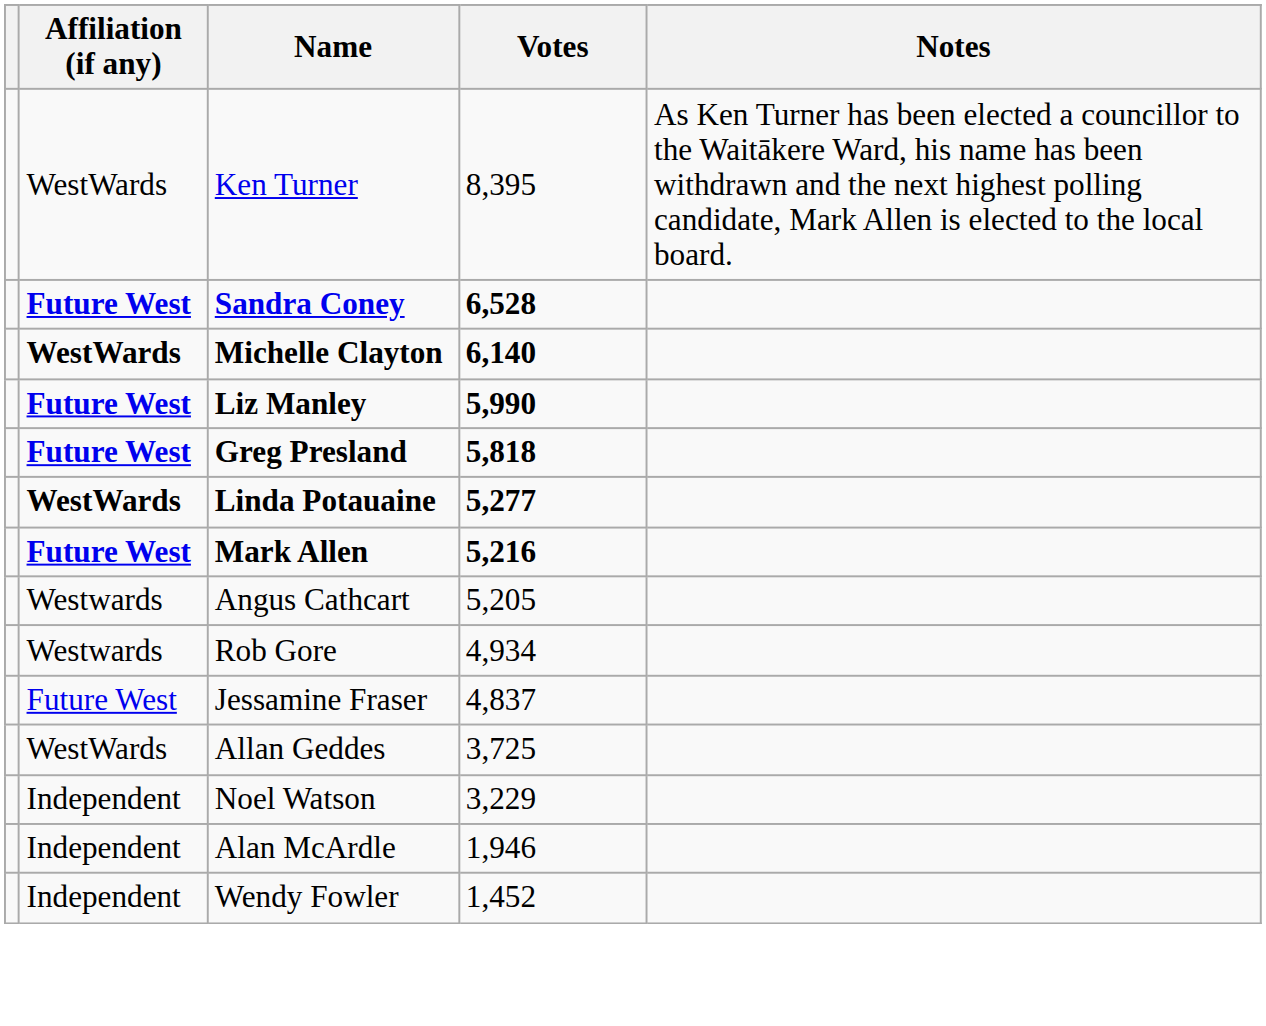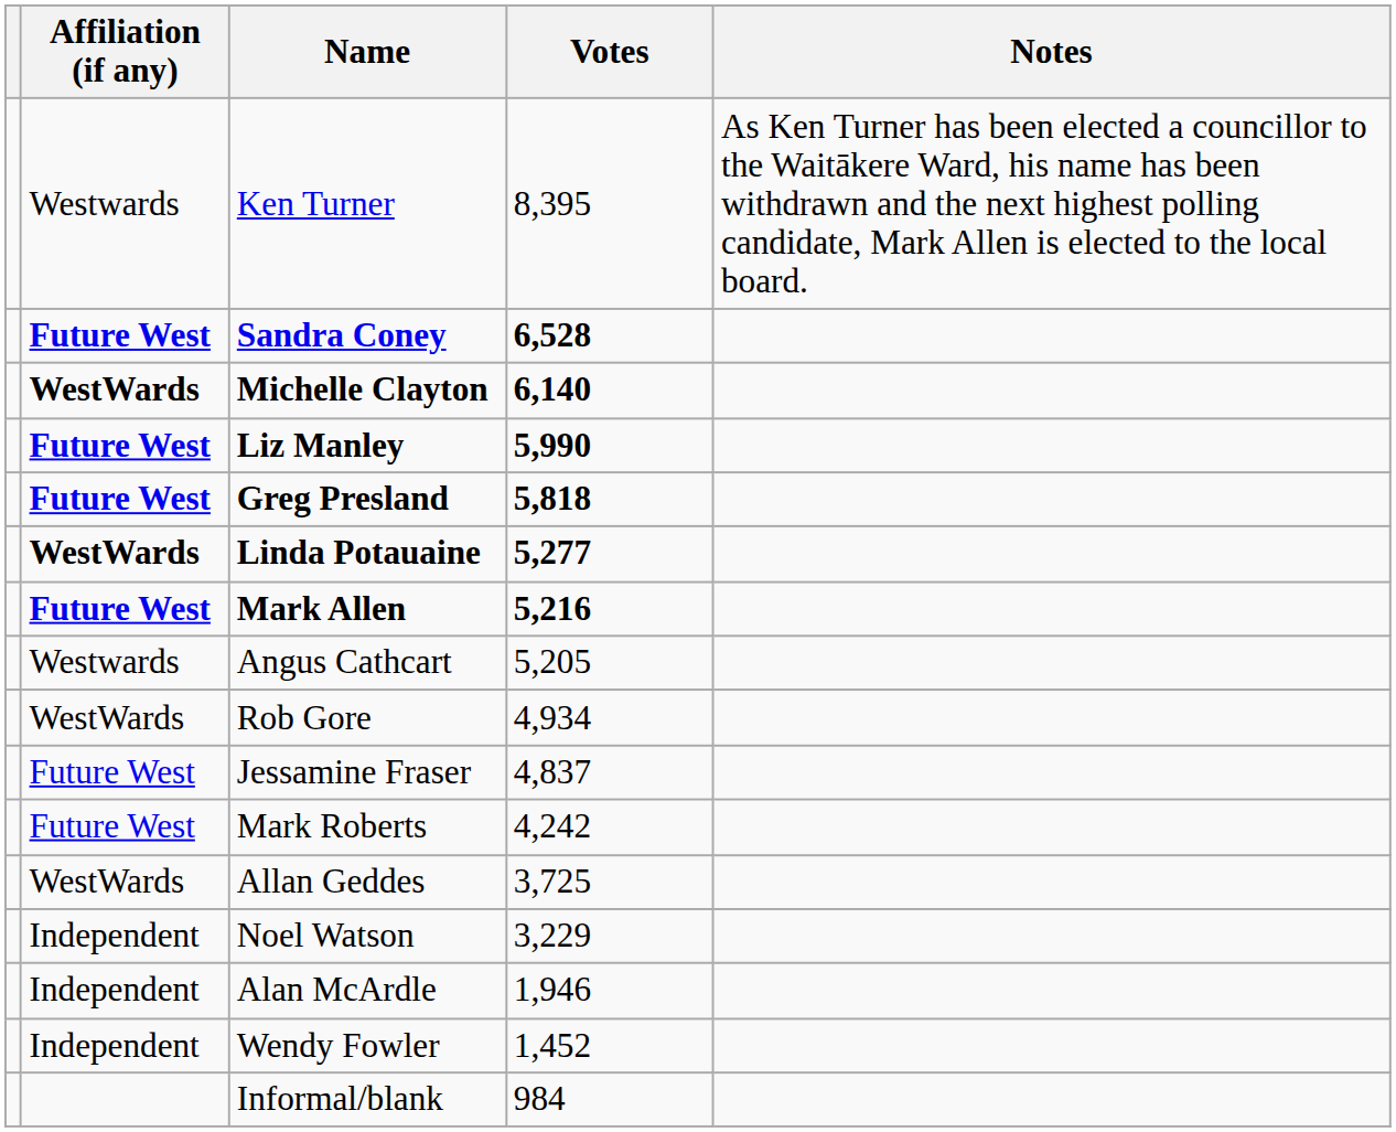 <table class="wikitable" style="width:51%;">
 <tr>
 <th style="width:1%;"></th>
 <th style="width:15%;">Affiliation (if any)</th>
 <th style="width:20%;">Name</th>
 <th style="width:15%;">Votes</th>
 <th>Notes</th>
 </tr>
 <tr>
 <td bgcolor=></td>
-<td>WestWards</td>
+<td>Westwards</td>
 <td><a href='#'>Ken Turner</a></td>
 <td>8,395</td>
 <td>As Ken Turner has been elected a councillor to the Waitākere Ward, his name has been withdrawn and the next highest polling candidate, Mark Allen is elected to the local board.</td>
 </tr>
 <tr>
 <td bgcolor=></td>
 <td><strong><a href='#'>Future West</a></strong></td>
 <td><strong><a href='#'>Sandra Coney</a></strong></td>
 <td><strong>6,528</strong></td>
 <td></td>
 </tr>
 <tr>
 <td bgcolor=></td>
 <td><strong>WestWards</strong></td>
 <td><strong>Michelle Clayton</strong></td>
 <td><strong>6,140</strong></td>
 <td></td>
 </tr>
 <tr>
 <td bgcolor=></td>
 <td><strong><a href='#'>Future West</a></strong></td>
 <td><strong>Liz Manley</strong></td>
 <td><strong>5,990</strong></td>
 <td></td>
 </tr>
 <tr>
 <td bgcolor=></td>
 <td><strong><a href='#'>Future West</a></strong></td>
 <td><strong>Greg Presland</strong></td>
 <td><strong>5,818</strong></td>
 <td></td>
 </tr>
 <tr>
 <td bgcolor=></td>
 <td><strong>WestWards</strong></td>
 <td><strong>Linda Potauaine</strong></td>
 <td><strong>5,277</strong></td>
 <td></td>
 </tr>
 <tr>
 <td></td>
 <td><strong><a href='#'>Future West</a></strong></td>
 <td><strong>Mark Allen</strong></td>
 <td><strong>5,216</strong></td>
 <td></td>
 </tr>
 <tr>
 <td></td>
 <td>Westwards</td>
 <td>Angus Cathcart</td>
 <td>5,205</td>
 <td></td>
 </tr>
 <tr>
 <td bgcolor=></td>
-<td>Westwards</td>
+<td>WestWards</td>
 <td>Rob Gore</td>
 <td>4,934</td>
 <td></td>
 </tr>
 <tr>
 <td bgcolor=></td>
 <td><a href='#'>Future West</a></td>
 <td>Jessamine Fraser</td>
 <td>4,837</td>
+<td></td>
+</tr>
+<tr>
+<td bgcolor=></td>
+<td><a href='#'>Future West</a></td>
+<td>Mark Roberts</td>
+<td>4,242</td>
 <td></td>
 </tr>
 <tr>
 <td bgcolor=></td>
 <td>WestWards</td>
 <td>Allan Geddes</td>
 <td>3,725</td>
 <td></td>
 </tr>
 <tr>
 <td bgcolor=></td>
 <td>Independent</td>
 <td>Noel Watson</td>
 <td>3,229</td>
 <td></td>
 </tr>
 <tr>
 <td bgcolor=></td>
 <td>Independent</td>
 <td>Alan McArdle</td>
 <td>1,946</td>
 <td></td>
 </tr>
 <tr>
 <td bgcolor=></td>
 <td>Independent</td>
 <td>Wendy Fowler</td>
 <td>1,452</td>
 <td></td>
 </tr>
+<tr>
+<td></td>
+<td></td>
+<td>Informal/blank</td>
+<td>984</td>
+<td></td>
+</tr>
 </table>
